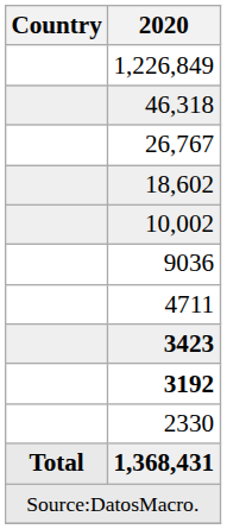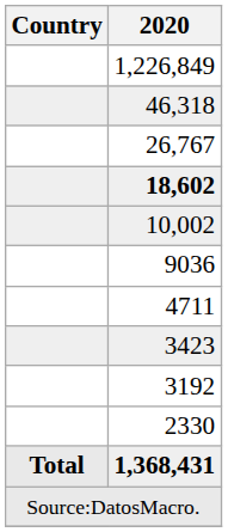 <table class="sortable wikitable centre">
 <tr>
 <th>Country</th>
 <th>2020</th>
 </tr>
 <tr bgcolor="ffffff">
 <td></td>
 <td align=right>1,226,849</td>
 </tr>
 <tr bgcolor="efefef">
 <td></td>
 <td align=right>46,318</td>
 </tr>
 <tr bgcolor="ffffff">
 <td></td>
 <td align=right>26,767</td>
 </tr>
 <tr bgcolor="efefef">
 <td></td>
-<td align=right>18,602</td>
+<td align=right><strong>18,602</strong></td>
 </tr>
 <tr bgcolor="efefef">
 <td></td>
 <td align=right>10,002</td>
 </tr>
 <tr bgcolor="ffffff">
 <td></td>
 <td align=right>9036</td>
 </tr>
 <tr bgcolor="ffffff">
 <td></td>
 <td align=right>4711</td>
 </tr>
 <tr bgcolor="efefef">
 <td></td>
-<td align=right><strong>3423</strong></td>
+<td align=right>3423</td>
 </tr>
 <tr bgcolor="ffffff">
 <td></td>
-<td align=right><strong>3192</strong></td>
+<td align=right>3192</td>
 </tr>
 <tr bgcolor="ffffff">
 <td></td>
 <td align=right>2330</td>
 </tr>
 <tr bgcolor="efefef">
 <td colspan=1 style="background:#e9e9e9;" align=center><strong>Total</strong></td>
 <td align=right><strong>1,368,431</strong></td>
 </tr>
 <tr bgcolor="ffffff">
 <td colspan=5 style="background:#e9e9e9;" align=center><small>Source:DatosMacro.</small></td>
 </tr>
 <tr>
 </tr>
 </table>
